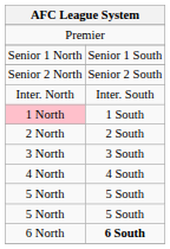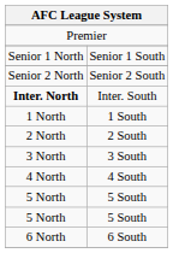 <table class="wikitable" border="1" style="text-align: center;">
 <tr>
 <th colspan="4">AFC League System</th>
 </tr>
 <tr>
 </tr>
 <tr>
 <td colspan="2">Premier</td>
 </tr>
 <tr>
 </tr>
 <tr>
 <td width="50%">Senior 1 North</td>
 <td width="50%">Senior 1 South</td>
 </tr>
 <tr>
 </tr>
 <tr>
 <td width="50%">Senior 2 North</td>
 <td width="50%">Senior 2 South</td>
 </tr>
 <tr>
-<td width "50%">Inter. North</td>
+<td width "50%"><strong>Inter. North</strong></td>
 <td width "50%">Inter. South</td>
 </tr>
 <tr>
-<td width "50%" style="background: pink;">1 North</td>
+<td width "50%">1 North</td>
 <td width "50%">1 South</td>
 </tr>
 <tr>
 <td width "50%">2 North</td>
 <td width "50%">2 South</td>
 </tr>
 <tr>
 <td width "50%">3 North</td>
 <td width "50%">3 South</td>
 </tr>
 <tr>
 <td width "50%">4 North</td>
 <td width "50%">4 South</td>
 </tr>
 <tr>
 <td width "50%">5 North</td>
 <td width "50%">5 South</td>
 </tr>
 <tr>
 <td width "50%">5 North</td>
 <td width "50%">5 South</td>
 </tr>
 <tr>
 <td width "50%">6 North</td>
-<td width "50%"><strong>6 South</strong></td>
+<td width "50%">6 South</td>
 </tr>
 <tr>
 </tr>
 </table>
